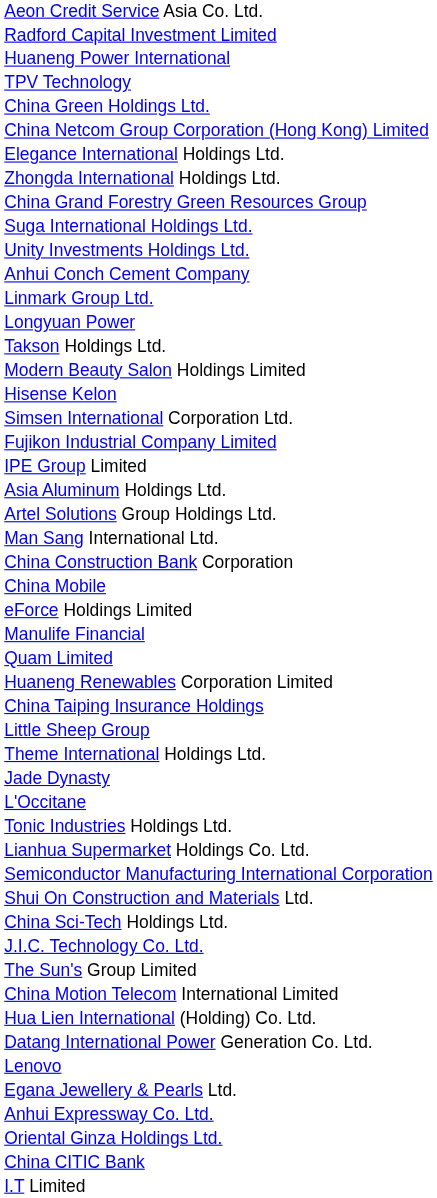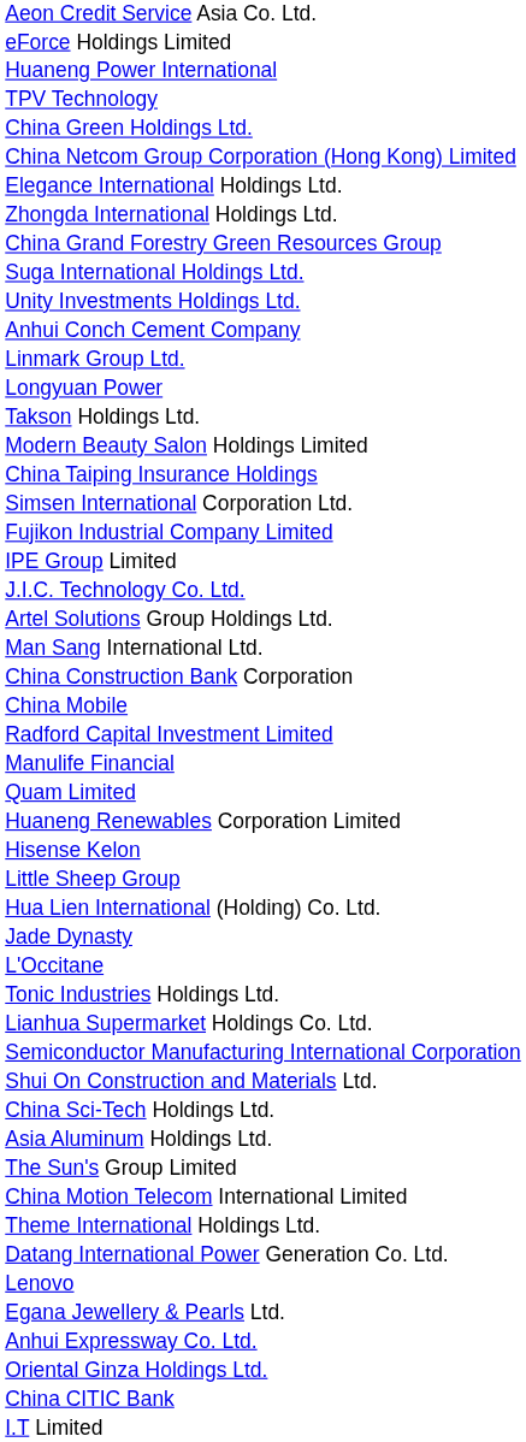 <table>
 <tr>
 <td> <a href='#'>Aeon Credit Service</a> Asia Co. Ltd.</td>
 </tr>
 <tr>
-<td> <a href='#'>Radford Capital Investment Limited</a></td>
+<td> <a href='#'>eForce</a> Holdings Limited</td>
 </tr>
 <tr>
 <td> <a href='#'>Huaneng Power International</a></td>
 </tr>
 <tr>
 <td> <a href='#'>TPV Technology</a></td>
 </tr>
 <tr>
 <td> <a href='#'>China Green Holdings Ltd.</a></td>
 </tr>
 <tr>
 <td> <a href='#'>China Netcom Group Corporation (Hong Kong) Limited</a></td>
 </tr>
 <tr>
 <td> <a href='#'>Elegance International</a> Holdings Ltd.</td>
 </tr>
 <tr>
 <td> <a href='#'>Zhongda International</a> Holdings Ltd.</td>
 </tr>
 <tr>
 <td> <a href='#'>China Grand Forestry Green Resources Group</a></td>
 </tr>
 <tr>
 <td> <a href='#'>Suga International Holdings Ltd.</a></td>
 </tr>
 <tr>
 <td> <a href='#'>Unity Investments Holdings Ltd.</a></td>
 </tr>
 <tr>
 <td> <a href='#'>Anhui Conch Cement Company</a></td>
 </tr>
 <tr>
 <td> <a href='#'>Linmark Group Ltd.</a></td>
 </tr>
 <tr>
 <td> <a href='#'>Longyuan Power</a></td>
 </tr>
 <tr>
 <td> <a href='#'>Takson</a> Holdings Ltd.</td>
 </tr>
 <tr>
 <td> <a href='#'>Modern Beauty Salon</a> Holdings Limited</td>
 </tr>
 <tr>
-<td> <a href='#'>Hisense Kelon</a></td>
+<td> <a href='#'>China Taiping Insurance Holdings</a></td>
 </tr>
 <tr>
 <td> <a href='#'>Simsen International</a> Corporation Ltd.</td>
 </tr>
 <tr>
 <td> <a href='#'>Fujikon Industrial Company Limited</a></td>
 </tr>
 <tr>
 <td> <a href='#'>IPE Group</a> Limited</td>
 </tr>
 <tr>
-<td> <a href='#'>Asia Aluminum</a> Holdings Ltd.</td>
+<td> <a href='#'>J.I.C. Technology Co. Ltd.</a></td>
 </tr>
 <tr>
 <td> <a href='#'>Artel Solutions</a> Group Holdings Ltd.</td>
 </tr>
 <tr>
 <td> <a href='#'>Man Sang</a> International Ltd.</td>
 </tr>
 <tr>
 <td> <a href='#'>China Construction Bank</a> Corporation</td>
 </tr>
 <tr>
 <td> <a href='#'>China Mobile</a></td>
 </tr>
 <tr>
-<td> <a href='#'>eForce</a> Holdings Limited</td>
+<td> <a href='#'>Radford Capital Investment Limited</a></td>
 </tr>
 <tr>
 <td> <a href='#'>Manulife Financial</a></td>
 </tr>
 <tr>
 <td> <a href='#'>Quam Limited</a></td>
 </tr>
 <tr>
 <td> <a href='#'>Huaneng Renewables</a> Corporation Limited</td>
 </tr>
 <tr>
-<td> <a href='#'>China Taiping Insurance Holdings</a></td>
+<td> <a href='#'>Hisense Kelon</a></td>
 </tr>
 <tr>
 <td> <a href='#'>Little Sheep Group</a></td>
 </tr>
 <tr>
-<td> <a href='#'>Theme International</a> Holdings Ltd.</td>
+<td> <a href='#'>Hua Lien International</a> (Holding) Co. Ltd.</td>
 </tr>
 <tr>
 <td> <a href='#'>Jade Dynasty</a></td>
 </tr>
 <tr>
 <td> <a href='#'>L'Occitane</a></td>
 </tr>
 <tr>
 <td> <a href='#'>Tonic Industries</a> Holdings Ltd.</td>
 </tr>
 <tr>
 <td> <a href='#'>Lianhua Supermarket</a> Holdings Co. Ltd.</td>
 </tr>
 <tr>
 <td> <a href='#'>Semiconductor Manufacturing International Corporation</a></td>
 </tr>
 <tr>
 <td> <a href='#'>Shui On Construction and Materials</a> Ltd.</td>
 </tr>
 <tr>
 <td> <a href='#'>China Sci-Tech</a> Holdings Ltd.</td>
 </tr>
 <tr>
-<td> <a href='#'>J.I.C. Technology Co. Ltd.</a></td>
+<td> <a href='#'>Asia Aluminum</a> Holdings Ltd.</td>
 </tr>
 <tr>
 <td> <a href='#'>The Sun's</a> Group Limited</td>
 </tr>
 <tr>
 <td> <a href='#'>China Motion Telecom</a> International Limited</td>
 </tr>
 <tr>
-<td> <a href='#'>Hua Lien International</a> (Holding) Co. Ltd.</td>
+<td> <a href='#'>Theme International</a> Holdings Ltd.</td>
 </tr>
 <tr>
 <td> <a href='#'>Datang International Power</a> Generation Co. Ltd.</td>
 </tr>
 <tr>
 <td> <a href='#'>Lenovo</a></td>
 </tr>
 <tr>
 <td> <a href='#'>Egana Jewellery & Pearls</a> Ltd.</td>
 </tr>
 <tr>
 <td> <a href='#'>Anhui Expressway Co. Ltd.</a></td>
 </tr>
 <tr>
 <td> <a href='#'>Oriental Ginza Holdings Ltd.</a></td>
 </tr>
 <tr>
 <td> <a href='#'>China CITIC Bank</a></td>
 </tr>
 <tr>
 <td> <a href='#'>I.T</a> Limited</td>
 </tr>
 </table>
